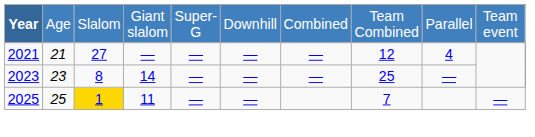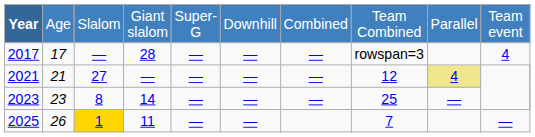 <table class="wikitable" style="font-size:95%; text-align:center; border:grey solid 1px; border-collapse:collapse;" width="50%">
 <tr style="background-color:#369; color:white;">
 <td rowspan="2" colspan="1" width="4%"><strong>Year</strong></td>
 </tr>
 <tr style="background-color:#4180be; color:white;">
 <td width="3%">Age</td>
 <td width="5%">Slalom</td>
 <td width="5%">Giant<br>slalom</td>
 <td width="5%">Super-G</td>
 <td width="5%">Downhill</td>
 <td width="5%">Combined</td>
 <td width="5%">Team<br>Combined</td>
 <td width="5%">Parallel</td>
 <td width="5%">Team<br> event </td>
 </tr>
 <tr style="background-color:#8CB2D8; color:white;">
 </tr>
 <tr>
+<td><a href='#'>2017</a></td>
+<td><em>17</em></td>
+<td><a href='#'>—</a></td>
+<td><a href='#'>28</a></td>
+<td><a href='#'>—</a></td>
+<td><a href='#'>—</a></td>
+<td><a href='#'>—</a></td>
+<td>rowspan=3</td>
+<td></td>
+<td><a href='#'>4</a></td>
+</tr>
+<tr>
 <td><a href='#'>2021</a></td>
 <td><em>21</em></td>
 <td><a href='#'>27</a></td>
 <td><a href='#'>—</a></td>
 <td><a href='#'>—</a></td>
 <td><a href='#'>—</a></td>
 <td><a href='#'>—</a></td>
 <td><a href='#'>12</a></td>
-<td><a href='#'>4</a></td>
+<td style="background: khaki;"><a href='#'>4</a></td>
 </tr>
 <tr>
 <td><a href='#'>2023</a></td>
 <td><em>23</em></td>
 <td><a href='#'>8</a></td>
 <td><a href='#'>14</a></td>
 <td><a href='#'>—</a></td>
 <td><a href='#'>—</a></td>
 <td><a href='#'>—</a></td>
 <td><a href='#'>25</a></td>
 <td><a href='#'>—</a></td>
 </tr>
 <tr>
 <td><a href='#'>2025</a></td>
-<td><em>25</em></td>
+<td><em>26</em></td>
 <td bgcolor=gold><a href='#'>1</a></td>
 <td><a href='#'>11</a></td>
 <td><a href='#'>—</a></td>
 <td><a href='#'>—</a></td>
 <td></td>
 <td><a href='#'>7</a></td>
 <td></td>
 <td><a href='#'>—</a></td>
 </tr>
 </table>
